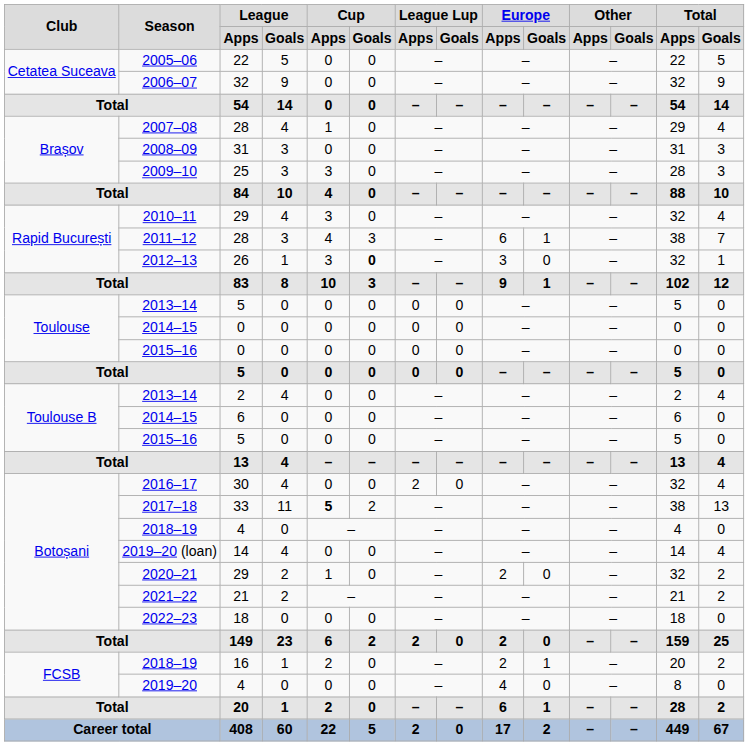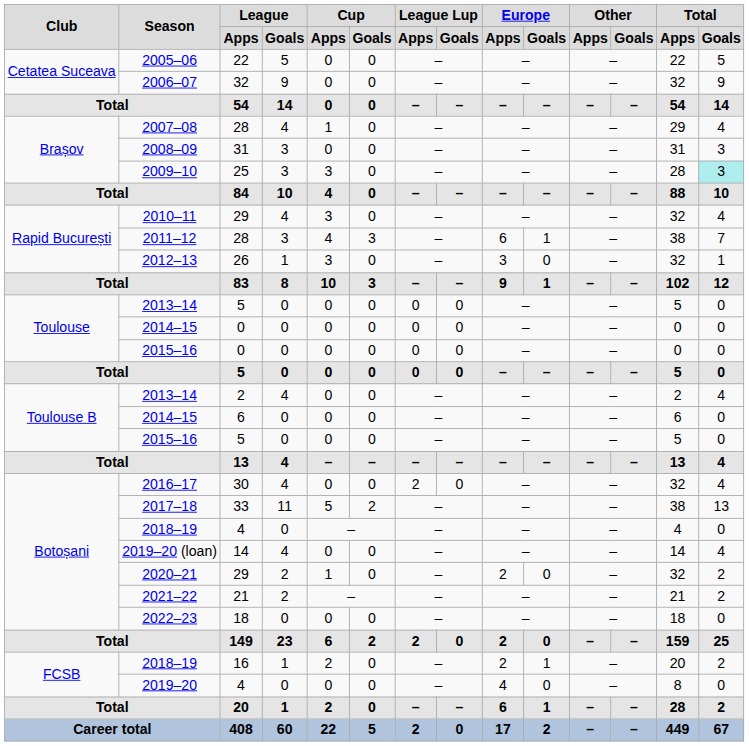 <table class="wikitable" style="text-align: center;">
 <tr>
 <th style="background: #DCDCDC; text-align: center" rowspan="2">Club</th>
 <th style="background: #DCDCDC; text-align: center" rowspan="2">Season</th>
 <th style="background: #DCDCDC; text-align: center" colspan="2">League</th>
 <th style="background: #DCDCDC; text-align: center" colspan="2">Cup</th>
 <th style="background: #DCDCDC; text-align: center" colspan="2">League Lup</th>
 <th style="background: #DCDCDC; text-align: center" colspan="2"><a href='#'>Europe</a></th>
 <th style="background: #DCDCDC; text-align: center" colspan="2">Other</th>
 <th style="background: #DCDCDC; text-align: center" colspan="3">Total</th>
 </tr>
 <tr>
 <th style="background:#dcdcdc; text-align:center;">Apps</th>
 <th style="background:#dcdcdc; text-align:center;">Goals</th>
 <th style="background:#dcdcdc; text-align:center;">Apps</th>
 <th style="background:#dcdcdc; text-align:center;">Goals</th>
 <th style="background:#dcdcdc; text-align:center;">Apps</th>
 <th style="background:#dcdcdc; text-align:center;">Goals</th>
 <th style="background:#dcdcdc; text-align:center;">Apps</th>
 <th style="background:#dcdcdc; text-align:center;">Goals</th>
 <th style="background:#dcdcdc; text-align:center;">Apps</th>
 <th style="background:#dcdcdc; text-align:center;">Goals</th>
 <th style="background:#dcdcdc; text-align:center;">Apps</th>
 <th style="background:#dcdcdc; text-align:center;">Goals</th>
 </tr>
 <tr>
 <td rowspan="2"><a href='#'>Cetatea Suceava</a></td>
 <td><a href='#'>2005–06</a></td>
 <td>22</td>
 <td>5</td>
 <td>0</td>
 <td>0</td>
 <td rowspan=1 colspan="2">–</td>
 <td rowspan=1 colspan="2">–</td>
 <td rowspan=1 colspan="2">–</td>
 <td>22</td>
 <td>5</td>
 </tr>
 <tr>
 <td><a href='#'>2006–07</a></td>
 <td>32</td>
 <td>9</td>
 <td>0</td>
 <td>0</td>
 <td rowspan=1 colspan="2">–</td>
 <td rowspan=1 colspan="2">–</td>
 <td rowspan=1 colspan="2">–</td>
 <td>32</td>
 <td>9</td>
 </tr>
 <tr>
 <th style="background: #E5E5E5; text-align: center" colspan="2">Total</th>
 <th style="background:#e5e5e5; text-align:center;">54</th>
 <th style="background:#e5e5e5; text-align:center;">14</th>
 <th style="background:#e5e5e5; text-align:center;">0</th>
 <th style="background:#e5e5e5; text-align:center;">0</th>
 <th style="background:#e5e5e5; text-align:center;">–</th>
 <th style="background:#e5e5e5; text-align:center;">–</th>
 <th style="background:#e5e5e5; text-align:center;">–</th>
 <th style="background:#e5e5e5; text-align:center;">–</th>
 <th style="background:#e5e5e5; text-align:center;">–</th>
 <th style="background:#e5e5e5; text-align:center;">–</th>
 <th style="background:#e5e5e5; text-align:center;">54</th>
 <th style="background:#e5e5e5; text-align:center;">14</th>
 </tr>
 <tr>
 <td rowspan="3"><a href='#'>Brașov</a></td>
 <td><a href='#'>2007–08</a></td>
 <td>28</td>
 <td>4</td>
 <td>1</td>
 <td>0</td>
 <td rowspan=1 colspan="2">–</td>
 <td rowspan=1 colspan="2">–</td>
 <td rowspan=1 colspan="2">–</td>
 <td>29</td>
 <td>4</td>
 </tr>
 <tr>
 <td><a href='#'>2008–09</a></td>
 <td>31</td>
 <td>3</td>
 <td>0</td>
 <td>0</td>
 <td rowspan=1 colspan="2">–</td>
 <td rowspan=1 colspan="2">–</td>
 <td rowspan=1 colspan="2">–</td>
 <td>31</td>
 <td>3</td>
 </tr>
 <tr>
 <td><a href='#'>2009–10</a></td>
 <td>25</td>
 <td>3</td>
 <td>3</td>
 <td>0</td>
 <td rowspan=1 colspan="2">–</td>
 <td rowspan=1 colspan="2">–</td>
 <td rowspan=1 colspan="2">–</td>
 <td>28</td>
-<td>3</td>
+<td style="background: paleturquoise;">3</td>
 </tr>
 <tr>
 <th style="background: #E5E5E5; text-align: center" colspan="2">Total</th>
 <th style="background:#e5e5e5; text-align:center;">84</th>
 <th style="background:#e5e5e5; text-align:center;">10</th>
 <th style="background:#e5e5e5; text-align:center;">4</th>
 <th style="background:#e5e5e5; text-align:center;">0</th>
 <th style="background:#e5e5e5; text-align:center;">–</th>
 <th style="background:#e5e5e5; text-align:center;">–</th>
 <th style="background:#e5e5e5; text-align:center;">–</th>
 <th style="background:#e5e5e5; text-align:center;">–</th>
 <th style="background:#e5e5e5; text-align:center;">–</th>
 <th style="background:#e5e5e5; text-align:center;">–</th>
 <th style="background:#e5e5e5; text-align:center;">88</th>
 <th style="background:#e5e5e5; text-align:center;">10</th>
 </tr>
 <tr>
 <td rowspan="3"><a href='#'>Rapid București</a></td>
 <td><a href='#'>2010–11</a></td>
 <td>29</td>
 <td>4</td>
 <td>3</td>
 <td>0</td>
 <td rowspan=1 colspan="2">–</td>
 <td rowspan=1 colspan="2">–</td>
 <td rowspan=1 colspan="2">–</td>
 <td>32</td>
 <td>4</td>
 </tr>
 <tr>
 <td><a href='#'>2011–12</a></td>
 <td>28</td>
 <td>3</td>
 <td>4</td>
 <td>3</td>
 <td rowspan=1 colspan="2">–</td>
 <td>6</td>
 <td>1</td>
 <td rowspan=1 colspan="2">–</td>
 <td>38</td>
 <td>7</td>
 </tr>
 <tr>
 <td><a href='#'>2012–13</a></td>
 <td>26</td>
 <td>1</td>
 <td>3</td>
-<td><strong>0</strong></td>
+<td>0</td>
 <td rowspan=1 colspan="2">–</td>
 <td>3</td>
 <td>0</td>
 <td rowspan=1 colspan="2">–</td>
 <td>32</td>
 <td>1</td>
 </tr>
 <tr>
 <th style="background: #E5E5E5; text-align: center" colspan="2">Total</th>
 <th style="background:#e5e5e5; text-align:center;">83</th>
 <th style="background:#e5e5e5; text-align:center;">8</th>
 <th style="background:#e5e5e5; text-align:center;">10</th>
 <th style="background:#e5e5e5; text-align:center;">3</th>
 <th style="background:#e5e5e5; text-align:center;">–</th>
 <th style="background:#e5e5e5; text-align:center;">–</th>
 <th style="background:#e5e5e5; text-align:center;">9</th>
 <th style="background:#e5e5e5; text-align:center;">1</th>
 <th style="background:#e5e5e5; text-align:center;">–</th>
 <th style="background:#e5e5e5; text-align:center;">–</th>
 <th style="background:#e5e5e5; text-align:center;">102</th>
 <th style="background:#e5e5e5; text-align:center;">12</th>
 </tr>
 <tr>
 <td rowspan="3"><a href='#'>Toulouse</a></td>
 <td><a href='#'>2013–14</a></td>
 <td>5</td>
 <td>0</td>
 <td>0</td>
 <td>0</td>
 <td>0</td>
 <td>0</td>
 <td rowspan=1 colspan="2">–</td>
 <td rowspan=1 colspan="2">–</td>
 <td>5</td>
 <td>0</td>
 </tr>
 <tr>
 <td><a href='#'>2014–15</a></td>
 <td>0</td>
 <td>0</td>
 <td>0</td>
 <td>0</td>
 <td>0</td>
 <td>0</td>
 <td rowspan=1 colspan="2">–</td>
 <td rowspan=1 colspan="2">–</td>
 <td>0</td>
 <td>0</td>
 </tr>
 <tr>
 <td><a href='#'>2015–16</a></td>
 <td>0</td>
 <td>0</td>
 <td>0</td>
 <td>0</td>
 <td>0</td>
 <td>0</td>
 <td rowspan=1 colspan="2">–</td>
 <td rowspan=1 colspan="2">–</td>
 <td>0</td>
 <td>0</td>
 </tr>
 <tr>
 <th style="background: #E5E5E5; text-align: center" colspan="2">Total</th>
 <th style="background:#e5e5e5; text-align:center;">5</th>
 <th style="background:#e5e5e5; text-align:center;">0</th>
 <th style="background:#e5e5e5; text-align:center;">0</th>
 <th style="background:#e5e5e5; text-align:center;">0</th>
 <th style="background:#e5e5e5; text-align:center;">0</th>
 <th style="background:#e5e5e5; text-align:center;">0</th>
 <th style="background:#e5e5e5; text-align:center;">–</th>
 <th style="background:#e5e5e5; text-align:center;">–</th>
 <th style="background:#e5e5e5; text-align:center;">–</th>
 <th style="background:#e5e5e5; text-align:center;">–</th>
 <th style="background:#e5e5e5; text-align:center;">5</th>
 <th style="background:#e5e5e5; text-align:center;">0</th>
 </tr>
 <tr>
 <td rowspan="3"><a href='#'>Toulouse B</a></td>
 <td><a href='#'>2013–14</a></td>
 <td>2</td>
 <td>4</td>
 <td>0</td>
 <td>0</td>
 <td rowspan=1 colspan="2">–</td>
 <td rowspan=1 colspan="2">–</td>
 <td rowspan=1 colspan="2">–</td>
 <td>2</td>
 <td>4</td>
 </tr>
 <tr>
 <td><a href='#'>2014–15</a></td>
 <td>6</td>
 <td>0</td>
 <td>0</td>
 <td>0</td>
 <td rowspan=1 colspan="2">–</td>
 <td rowspan=1 colspan="2">–</td>
 <td rowspan=1 colspan="2">–</td>
 <td>6</td>
 <td>0</td>
 </tr>
 <tr>
 <td><a href='#'>2015–16</a></td>
 <td>5</td>
 <td>0</td>
 <td>0</td>
 <td>0</td>
 <td rowspan=1 colspan="2">–</td>
 <td rowspan=1 colspan="2">–</td>
 <td rowspan=1 colspan="2">–</td>
 <td>5</td>
 <td>0</td>
 </tr>
 <tr>
 <th style="background: #E5E5E5; text-align: center" colspan="2">Total</th>
 <th style="background:#e5e5e5; text-align:center;">13</th>
 <th style="background:#e5e5e5; text-align:center;">4</th>
 <th style="background:#e5e5e5; text-align:center;">–</th>
 <th style="background:#e5e5e5; text-align:center;">–</th>
 <th style="background:#e5e5e5; text-align:center;">–</th>
 <th style="background:#e5e5e5; text-align:center;">–</th>
 <th style="background:#e5e5e5; text-align:center;">–</th>
 <th style="background:#e5e5e5; text-align:center;">–</th>
 <th style="background:#e5e5e5; text-align:center;">–</th>
 <th style="background:#e5e5e5; text-align:center;">–</th>
 <th style="background:#e5e5e5; text-align:center;">13</th>
 <th style="background:#e5e5e5; text-align:center;">4</th>
 </tr>
 <tr>
 <td rowspan="7"><a href='#'>Botoșani</a></td>
 <td><a href='#'>2016–17</a></td>
 <td>30</td>
 <td>4</td>
 <td>0</td>
 <td>0</td>
 <td>2</td>
 <td 0>0</td>
 <td colspan="2" rowspan="1">–</td>
 <td rowspan=1 colspan="2">–</td>
 <td>32</td>
 <td>4</td>
 </tr>
 <tr>
 <td><a href='#'>2017–18</a></td>
 <td>33</td>
 <td>11</td>
-<td><strong>5</strong></td>
+<td>5</td>
 <td>2</td>
 <td rowspan=1 colspan="2">–</td>
 <td rowspan=1 colspan="2">–</td>
 <td rowspan=1 colspan="2">–</td>
 <td>38</td>
 <td>13</td>
 </tr>
 <tr>
 <td><a href='#'>2018–19</a></td>
 <td>4</td>
 <td>0</td>
 <td rowspan=1 colspan="2">–</td>
 <td rowspan=1 colspan="2">–</td>
 <td rowspan=1 colspan="2">–</td>
 <td rowspan=1 colspan="2">–</td>
 <td>4</td>
 <td>0</td>
 </tr>
 <tr>
 <td><a href='#'>2019–20</a> (loan)</td>
 <td>14</td>
 <td>4</td>
 <td>0</td>
 <td>0</td>
 <td rowspan=1 colspan="2">–</td>
 <td rowspan=1 colspan="2">–</td>
 <td rowspan=1 colspan="2">–</td>
 <td>14</td>
 <td>4</td>
 </tr>
 <tr>
 <td><a href='#'>2020–21</a></td>
 <td>29</td>
 <td>2</td>
 <td>1</td>
 <td>0</td>
 <td rowspan=1 colspan="2">–</td>
 <td>2</td>
 <td>0</td>
 <td rowspan=1 colspan="2">–</td>
 <td>32</td>
 <td>2</td>
 </tr>
 <tr>
 <td><a href='#'>2021–22</a></td>
 <td>21</td>
 <td>2</td>
 <td rowspan=1 colspan="2">–</td>
 <td rowspan=1 colspan="2">–</td>
 <td rowspan=1 colspan="2">–</td>
 <td rowspan=1 colspan="2">–</td>
 <td>21</td>
 <td>2</td>
 </tr>
 <tr>
 <td><a href='#'>2022–23</a></td>
 <td>18</td>
 <td>0</td>
 <td>0</td>
 <td>0</td>
 <td rowspan=1 colspan="2">–</td>
 <td rowspan=1 colspan="2">–</td>
 <td rowspan=1 colspan="2">–</td>
 <td>18</td>
 <td>0</td>
 </tr>
 <tr>
 <th style="background: #E5E5E5; text-align: center" colspan="2">Total</th>
 <th style="background:#e5e5e5; text-align:center;">149</th>
 <th style="background:#e5e5e5; text-align:center;">23</th>
 <th style="background:#e5e5e5; text-align:center;">6</th>
 <th style="background:#e5e5e5; text-align:center;">2</th>
 <th style="background:#e5e5e5; text-align:center;">2</th>
 <th style="background:#e5e5e5; text-align:center;">0</th>
 <th style="background:#e5e5e5; text-align:center;">2</th>
 <th style="background:#e5e5e5; text-align:center;">0</th>
 <th style="background:#e5e5e5; text-align:center;">–</th>
 <th style="background:#e5e5e5; text-align:center;">–</th>
 <th style="background:#e5e5e5; text-align:center;">159</th>
 <th style="background:#e5e5e5; text-align:center;">25</th>
 </tr>
 <tr>
 <td rowspan="2"><a href='#'>FCSB</a></td>
 <td><a href='#'>2018–19</a></td>
 <td>16</td>
 <td>1</td>
 <td>2</td>
 <td>0</td>
 <td rowspan=1 colspan="2">–</td>
 <td>2</td>
 <td>1</td>
 <td colspan="2" rowspan="1">–</td>
 <td>20</td>
 <td>2</td>
 </tr>
 <tr>
 <td><a href='#'>2019–20</a></td>
 <td>4</td>
 <td>0</td>
 <td>0</td>
 <td>0</td>
 <td rowspan=1 colspan="2">–</td>
 <td>4</td>
 <td>0</td>
 <td colspan="2" rowspan="1">–</td>
 <td>8</td>
 <td>0</td>
 </tr>
 <tr>
 <th style="background: #E5E5E5; text-align: center" colspan="2">Total</th>
 <th style="background:#e5e5e5; text-align:center;">20</th>
 <th style="background:#e5e5e5; text-align:center;">1</th>
 <th style="background:#e5e5e5; text-align:center;">2</th>
 <th style="background:#e5e5e5; text-align:center;">0</th>
 <th style="background:#e5e5e5; text-align:center;">–</th>
 <th style="background:#e5e5e5; text-align:center;">–</th>
 <th style="background:#e5e5e5; text-align:center;">6</th>
 <th style="background:#e5e5e5; text-align:center;">1</th>
 <th style="background:#e5e5e5; text-align:center;">–</th>
 <th style="background:#e5e5e5; text-align:center;">–</th>
 <th style="background:#e5e5e5; text-align:center;">28</th>
 <th style="background:#e5e5e5; text-align:center;">2</th>
 </tr>
 <tr>
 <th style="background: #b0c4de; text-align: center" colspan="2">Career total</th>
 <th style="background:#b0c4de; text-align:center;">408</th>
 <th style="background:#b0c4de; text-align:center;">60</th>
 <th style="background:#b0c4de; text-align:center;">22</th>
 <th style="background:#b0c4de; text-align:center;">5</th>
 <th style="background:#b0c4de; text-align:center;">2</th>
 <th style="background:#b0c4de; text-align:center;">0</th>
 <th style="background:#b0c4de; text-align:center;">17</th>
 <th style="background:#b0c4de; text-align:center;">2</th>
 <th style="background:#b0c4de; text-align:center;">–</th>
 <th style="background:#b0c4de; text-align:center;">–</th>
 <th style="background:#b0c4de; text-align:center;">449</th>
 <th style="background:#b0c4de; text-align:center;">67</th>
 </tr>
 </table>
